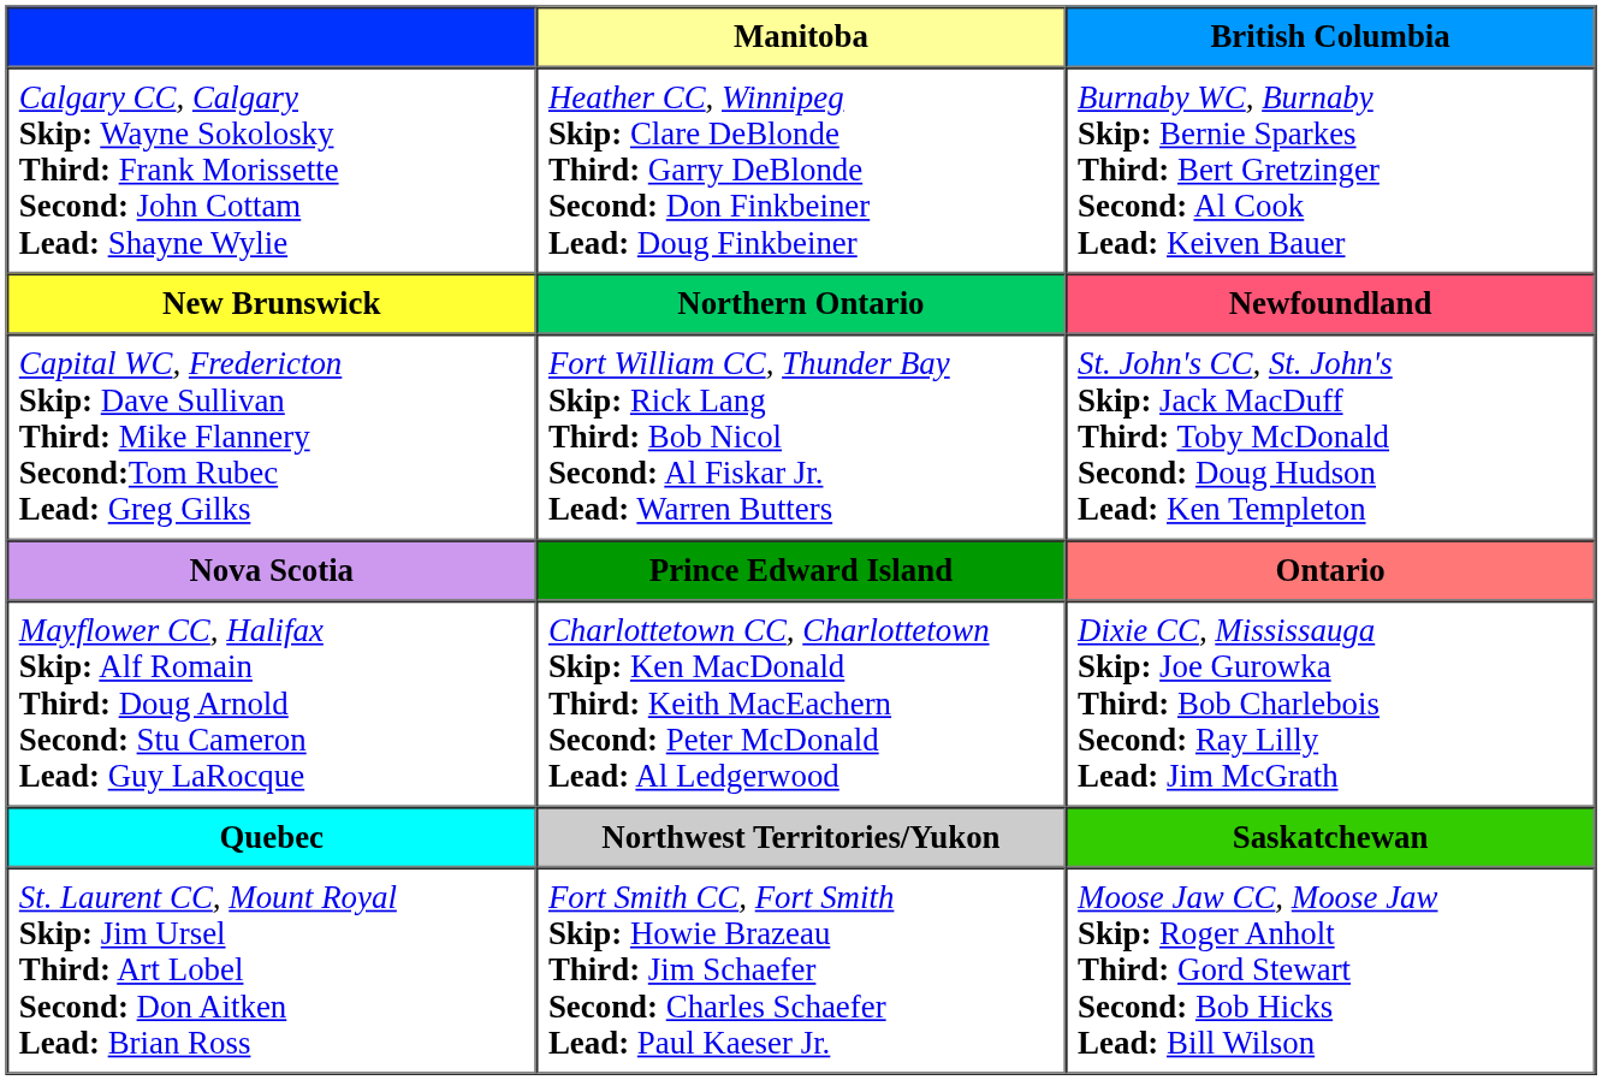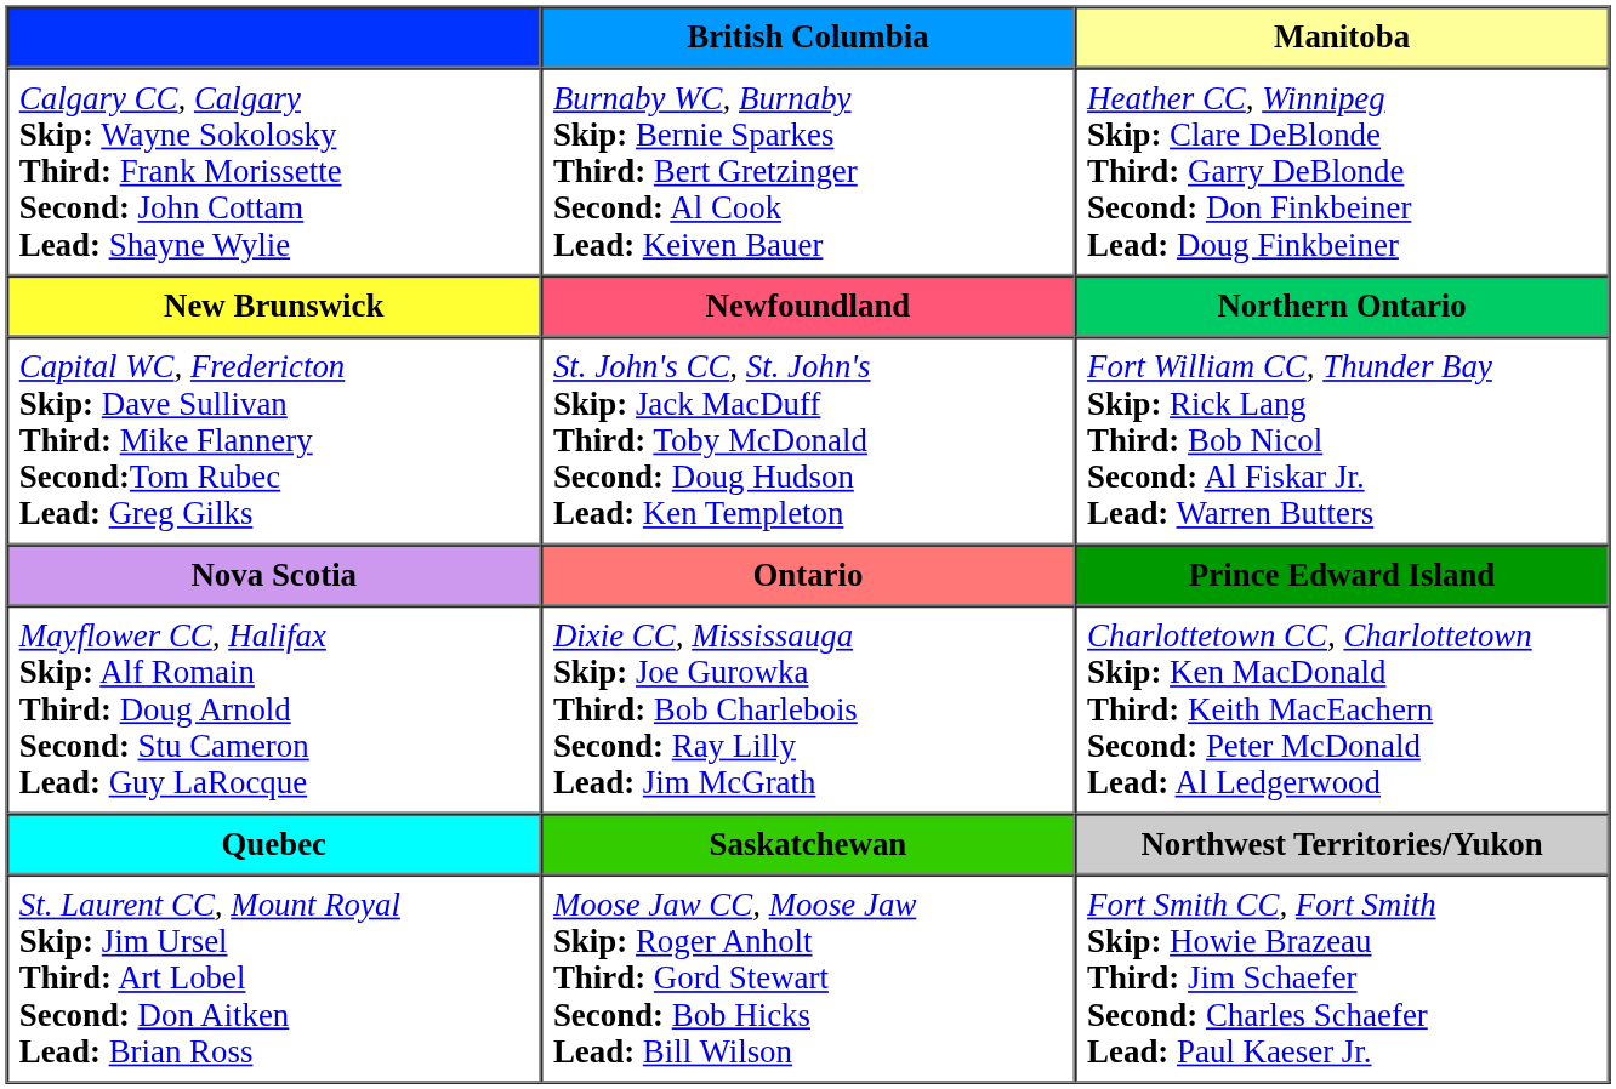 <table border=1 cellpadding=5 cellspacing=0>
 <tr>
 <th style="background:#03f; width:250px;"></th>
+<th style="background:#09f; width:250px;">British Columbia</th>
 <th style="background:#ff9; width:250px;">Manitoba</th>
-<th style="background:#09f; width:250px;">British Columbia</th>
 </tr>
 <tr>
 <td><em><a href='#'>Calgary CC</a>, <a href='#'>Calgary</a></em><br><strong>Skip:</strong> <a href='#'>Wayne Sokolosky</a><br> <strong>Third:</strong> <a href='#'>Frank Morissette</a><br> <strong>Second:</strong> <a href='#'>John Cottam</a><br> <strong>Lead:</strong> <a href='#'>Shayne Wylie</a></td>
+<td><em><a href='#'>Burnaby WC</a>, <a href='#'>Burnaby</a></em><br><strong>Skip:</strong> <a href='#'>Bernie Sparkes</a><br> <strong>Third:</strong> <a href='#'>Bert Gretzinger</a><br> <strong>Second:</strong> <a href='#'>Al Cook</a><br> <strong>Lead:</strong> <a href='#'>Keiven Bauer</a></td>
 <td><em><a href='#'>Heather CC</a>, <a href='#'>Winnipeg</a></em><br><strong>Skip:</strong> <a href='#'>Clare DeBlonde</a><br> <strong>Third:</strong> <a href='#'>Garry DeBlonde</a><br> <strong>Second:</strong> <a href='#'>Don Finkbeiner</a><br> <strong>Lead:</strong> <a href='#'>Doug Finkbeiner</a></td>
-<td><em><a href='#'>Burnaby WC</a>, <a href='#'>Burnaby</a></em><br><strong>Skip:</strong> <a href='#'>Bernie Sparkes</a><br> <strong>Third:</strong> <a href='#'>Bert Gretzinger</a><br> <strong>Second:</strong> <a href='#'>Al Cook</a><br> <strong>Lead:</strong> <a href='#'>Keiven Bauer</a></td>
 </tr>
 <tr>
 <th style="background:#ff3; width:250px;">New Brunswick</th>
+<th style="background:#f57; width:250px;">Newfoundland</th>
 <th style="background:#0c6; width:250px;">Northern Ontario</th>
-<th style="background:#f57; width:250px;">Newfoundland</th>
 </tr>
 <tr>
 <td><em><a href='#'>Capital WC</a>, <a href='#'>Fredericton</a></em><br><strong>Skip:</strong> <a href='#'>Dave Sullivan</a><br> <strong>Third:</strong> <a href='#'>Mike Flannery</a><br> <strong>Second:</strong><a href='#'>Tom Rubec</a><br> <strong>Lead:</strong> <a href='#'>Greg Gilks</a></td>
+<td><em><a href='#'>St. John's CC</a>, <a href='#'>St. John's</a></em><br><strong>Skip:</strong> <a href='#'>Jack MacDuff</a><br> <strong>Third:</strong> <a href='#'>Toby McDonald</a><br> <strong>Second:</strong> <a href='#'>Doug Hudson</a><br> <strong>Lead:</strong> <a href='#'>Ken Templeton</a></td>
 <td><em><a href='#'>Fort William CC</a>, <a href='#'>Thunder Bay</a></em><br><strong>Skip:</strong> <a href='#'>Rick Lang</a><br> <strong>Third:</strong> <a href='#'>Bob Nicol</a><br> <strong>Second:</strong> <a href='#'>Al Fiskar Jr.</a><br> <strong>Lead:</strong> <a href='#'>Warren Butters</a></td>
-<td><em><a href='#'>St. John's CC</a>, <a href='#'>St. John's</a></em><br><strong>Skip:</strong> <a href='#'>Jack MacDuff</a><br> <strong>Third:</strong> <a href='#'>Toby McDonald</a><br> <strong>Second:</strong> <a href='#'>Doug Hudson</a><br> <strong>Lead:</strong> <a href='#'>Ken Templeton</a></td>
 </tr>
 <tr>
 <th style="background:#c9e; width:250px;">Nova Scotia</th>
+<th style="background:#f77; width:250px;">Ontario</th>
 <th style="background:#090; width:250px;">Prince Edward Island</th>
-<th style="background:#f77; width:250px;">Ontario</th>
 </tr>
 <tr>
 <td><em><a href='#'>Mayflower CC</a>, <a href='#'>Halifax</a></em><br><strong>Skip:</strong> <a href='#'>Alf Romain</a><br> <strong>Third:</strong> <a href='#'>Doug Arnold</a><br> <strong>Second:</strong> <a href='#'>Stu Cameron</a><br> <strong>Lead:</strong> <a href='#'>Guy LaRocque</a></td>
+<td><em><a href='#'>Dixie CC</a>, <a href='#'>Mississauga</a></em><br><strong>Skip:</strong> <a href='#'>Joe Gurowka</a><br> <strong>Third:</strong> <a href='#'>Bob Charlebois</a><br> <strong>Second:</strong> <a href='#'>Ray Lilly</a><br> <strong>Lead:</strong> <a href='#'>Jim McGrath</a></td>
 <td><em><a href='#'>Charlottetown CC</a>, <a href='#'>Charlottetown</a></em><br><strong>Skip:</strong> <a href='#'>Ken MacDonald</a><br> <strong>Third:</strong> <a href='#'>Keith MacEachern</a><br> <strong>Second:</strong> <a href='#'>Peter McDonald</a><br> <strong>Lead:</strong> <a href='#'>Al Ledgerwood</a></td>
-<td><em><a href='#'>Dixie CC</a>, <a href='#'>Mississauga</a></em><br><strong>Skip:</strong> <a href='#'>Joe Gurowka</a><br> <strong>Third:</strong> <a href='#'>Bob Charlebois</a><br> <strong>Second:</strong> <a href='#'>Ray Lilly</a><br> <strong>Lead:</strong> <a href='#'>Jim McGrath</a></td>
 </tr>
 <tr>
 <th style="background:#0ff; width:250px;">Quebec</th>
+<th style="background:#3c0; width:250px;">Saskatchewan</th>
 <th style="background:#ccc; width:250px;">Northwest Territories/Yukon</th>
-<th style="background:#3c0; width:250px;">Saskatchewan</th>
 </tr>
 <tr>
 <td><em><a href='#'>St. Laurent CC</a>, <a href='#'>Mount Royal</a></em><br><strong>Skip:</strong> <a href='#'>Jim Ursel</a><br> <strong>Third:</strong> <a href='#'>Art Lobel</a><br> <strong>Second:</strong> <a href='#'>Don Aitken</a><br> <strong>Lead:</strong> <a href='#'>Brian Ross</a></td>
+<td><em><a href='#'>Moose Jaw CC</a>, <a href='#'>Moose Jaw</a></em><br><strong>Skip:</strong> <a href='#'>Roger Anholt</a><br> <strong>Third:</strong> <a href='#'>Gord Stewart</a><br> <strong>Second:</strong> <a href='#'>Bob Hicks</a><br> <strong>Lead:</strong> <a href='#'>Bill Wilson</a></td>
 <td><em><a href='#'>Fort Smith CC</a>, <a href='#'>Fort Smith</a></em><br><strong>Skip:</strong> <a href='#'>Howie Brazeau</a><br> <strong>Third:</strong> <a href='#'>Jim Schaefer</a><br> <strong>Second:</strong> <a href='#'>Charles Schaefer</a><br> <strong>Lead:</strong> <a href='#'>Paul Kaeser Jr.</a></td>
-<td><em><a href='#'>Moose Jaw CC</a>, <a href='#'>Moose Jaw</a></em><br><strong>Skip:</strong> <a href='#'>Roger Anholt</a><br> <strong>Third:</strong> <a href='#'>Gord Stewart</a><br> <strong>Second:</strong> <a href='#'>Bob Hicks</a><br> <strong>Lead:</strong> <a href='#'>Bill Wilson</a></td>
 </tr>
 </table>
